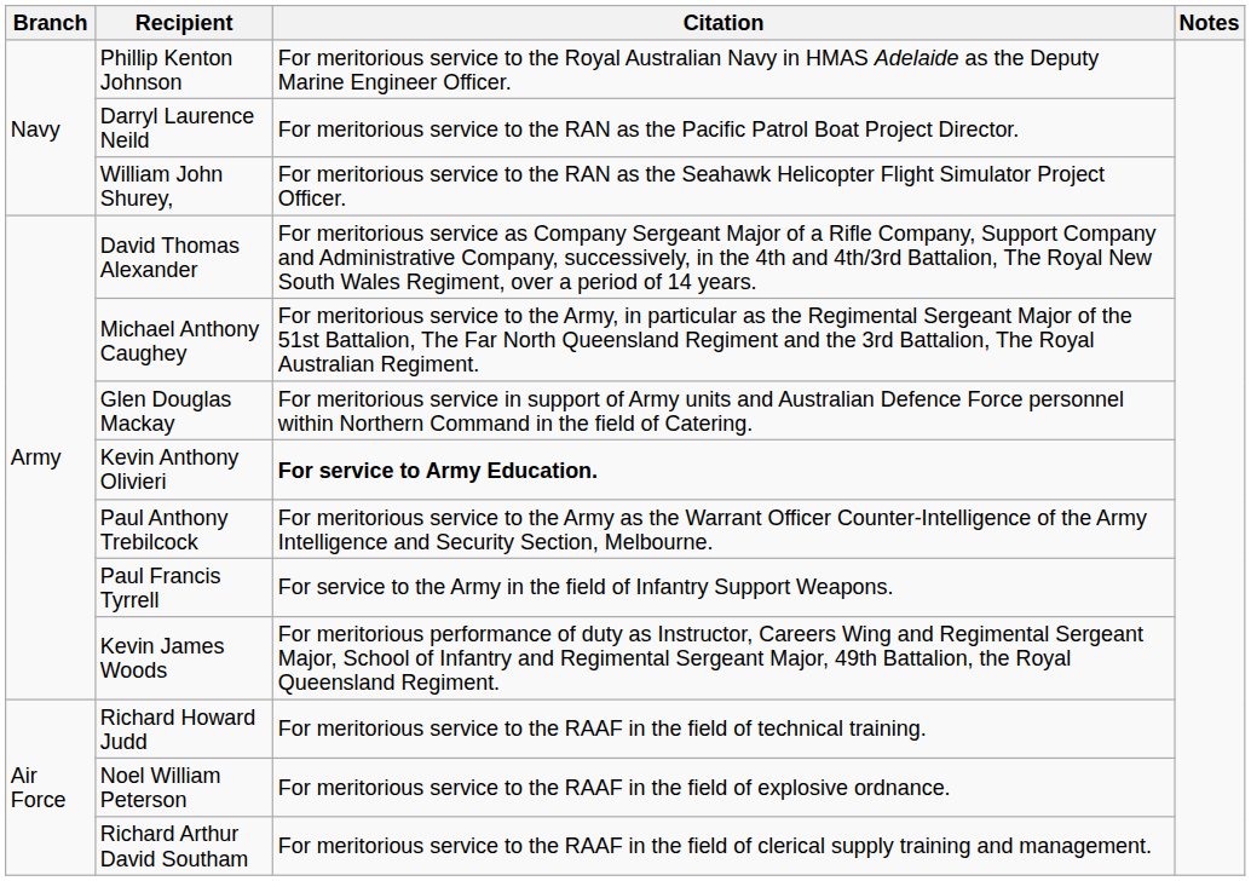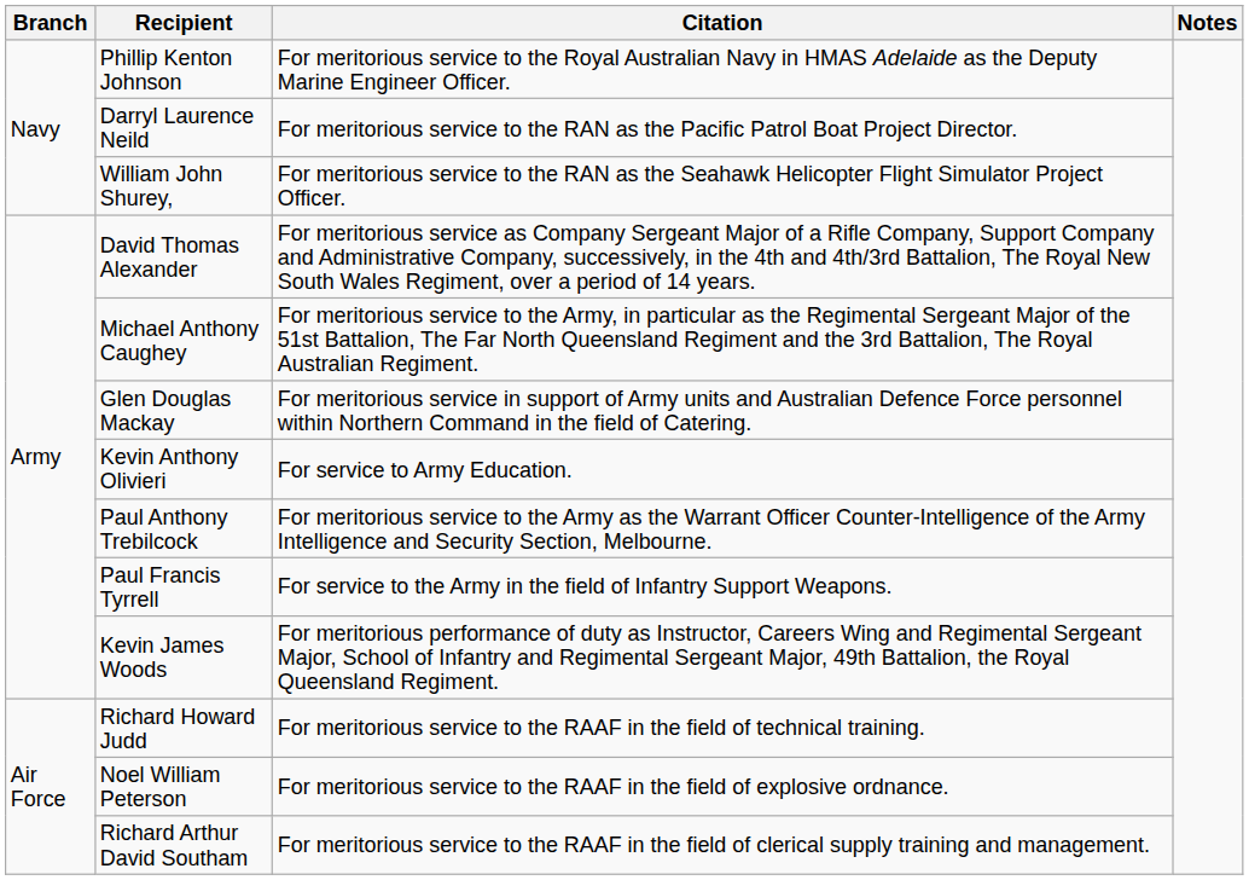 <table class="wikitable" style="font-size:95%;">
 <tr>
 <th>Branch</th>
 <th>Recipient</th>
 <th>Citation</th>
 <th>Notes</th>
 </tr>
 <tr>
 <td rowspan=3>Navy</td>
 <td> Phillip Kenton Johnson</td>
 <td>For meritorious service to the Royal Australian Navy in HMAS <em>Adelaide</em> as the Deputy Marine Engineer Officer.</td>
 <td rowspan=13></td>
 </tr>
 <tr>
 <td> Darryl Laurence Neild</td>
 <td>For meritorious service to the RAN as the Pacific Patrol Boat Project Director.</td>
 </tr>
 <tr>
 <td> William John Shurey, </td>
 <td>For meritorious service to the RAN as the Seahawk Helicopter Flight Simulator Project Officer.</td>
 </tr>
 <tr>
 <td rowspan=7>Army</td>
 <td> David Thomas Alexander</td>
 <td>For meritorious service as Company Sergeant Major of a Rifle Company, Support Company and Administrative Company, successively, in the 4th and 4th/3rd Battalion, The Royal New South Wales Regiment, over a period of 14 years.</td>
 </tr>
 <tr>
 <td> Michael Anthony Caughey</td>
 <td>For meritorious service to the Army, in particular as the Regimental Sergeant Major of the 51st Battalion, The Far North Queensland Regiment and the 3rd Battalion, The Royal Australian Regiment.</td>
 </tr>
 <tr>
 <td> Glen Douglas Mackay</td>
 <td>For meritorious service in support of Army units and Australian Defence Force personnel within Northern Command in the field of Catering.</td>
 </tr>
 <tr>
 <td> Kevin Anthony Olivieri</td>
-<td><strong>For service to Army Education.</strong></td>
+<td>For service to Army Education.</td>
 </tr>
 <tr>
 <td> Paul Anthony Trebilcock</td>
 <td>For meritorious service to the Army as the Warrant Officer Counter-Intelligence of the Army Intelligence and Security Section, Melbourne.</td>
 </tr>
 <tr>
 <td> Paul Francis Tyrrell</td>
 <td>For service to the Army in the field of Infantry Support Weapons.</td>
 </tr>
 <tr>
 <td> Kevin James Woods</td>
 <td>For meritorious performance of duty as Instructor, Careers Wing and Regimental Sergeant Major, School of Infantry and Regimental Sergeant Major, 49th Battalion, the Royal Queensland Regiment.</td>
 </tr>
 <tr>
 <td rowspan=3>Air Force</td>
 <td> Richard Howard Judd</td>
 <td>For meritorious service to the RAAF in the field of technical training.</td>
 </tr>
 <tr>
 <td> Noel William Peterson</td>
 <td>For meritorious service to the RAAF in the field of explosive ordnance.</td>
 </tr>
 <tr>
 <td> Richard Arthur David Southam</td>
 <td>For meritorious service to the RAAF in the field of clerical supply training and management.</td>
 </tr>
 </table>
